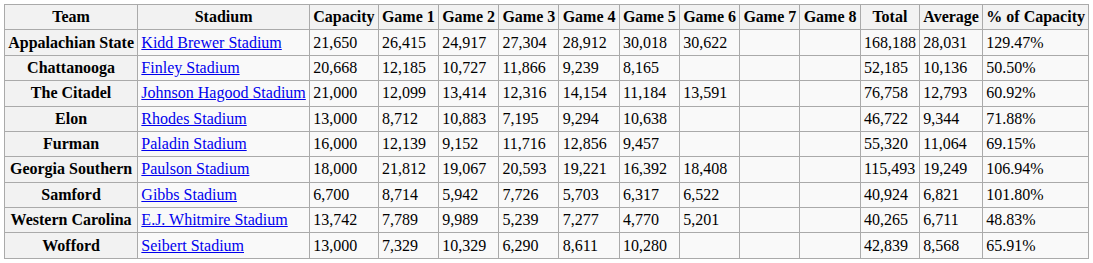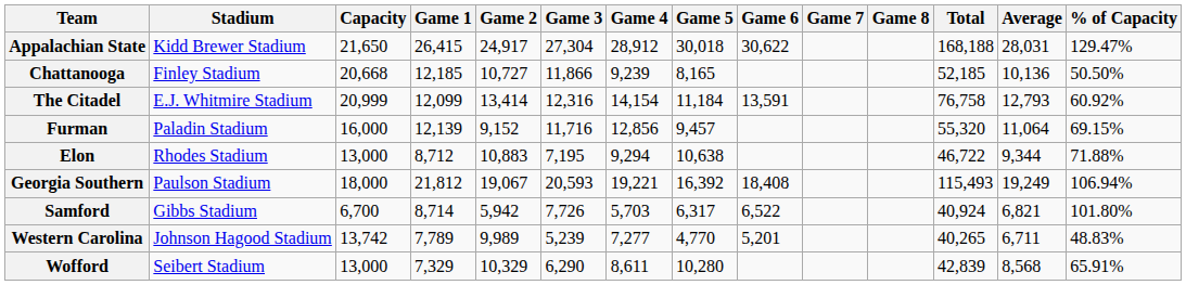 <table class="wikitable sortable">
 <tr>
 <th>Team</th>
 <th>Stadium</th>
 <th>Capacity</th>
 <th>Game 1</th>
 <th>Game 2</th>
 <th>Game 3</th>
 <th>Game 4</th>
 <th>Game 5</th>
 <th>Game 6</th>
 <th>Game 7</th>
 <th>Game 8</th>
 <th>Total</th>
 <th>Average</th>
 <th>% of Capacity</th>
 </tr>
 <tr>
 <th>Appalachian State</th>
 <td><a href='#'>Kidd Brewer Stadium</a></td>
 <td>21,650</td>
 <td>26,415</td>
 <td>24,917</td>
 <td>27,304</td>
 <td>28,912</td>
 <td>30,018</td>
 <td>30,622</td>
 <td align=center></td>
 <td align=center></td>
 <td>168,188</td>
 <td>28,031</td>
 <td>129.47%</td>
 </tr>
 <tr>
 <th>Chattanooga</th>
 <td><a href='#'>Finley Stadium</a></td>
 <td>20,668</td>
 <td>12,185</td>
 <td>10,727</td>
 <td>11,866</td>
 <td>9,239</td>
 <td>8,165</td>
 <td align=center></td>
 <td align=center></td>
 <td align=center></td>
 <td>52,185</td>
 <td>10,136</td>
 <td>50.50%</td>
 </tr>
 <tr>
 <th>The Citadel</th>
-<td><a href='#'>Johnson Hagood Stadium</a></td>
-<td>21,000</td>
+<td><a href='#'>E.J. Whitmire Stadium</a></td>
+<td>20,999</td>
 <td>12,099</td>
 <td>13,414</td>
 <td>12,316</td>
 <td>14,154</td>
 <td>11,184</td>
 <td>13,591</td>
 <td align=center></td>
 <td align=center></td>
 <td>76,758</td>
 <td>12,793</td>
 <td>60.92%</td>
+</tr>
+<tr>
+<th>Furman</th>
+<td><a href='#'>Paladin Stadium</a></td>
+<td>16,000</td>
+<td>12,139</td>
+<td>9,152</td>
+<td>11,716</td>
+<td>12,856</td>
+<td>9,457</td>
+<td align=center></td>
+<td align=center></td>
+<td align=center></td>
+<td>55,320</td>
+<td>11,064</td>
+<td>69.15%</td>
 </tr>
 <tr>
 <th>Elon</th>
 <td><a href='#'>Rhodes Stadium</a></td>
 <td>13,000</td>
 <td>8,712</td>
 <td>10,883</td>
 <td>7,195</td>
 <td>9,294</td>
 <td>10,638</td>
 <td align=center></td>
 <td align=center></td>
 <td align=center></td>
 <td>46,722</td>
 <td>9,344</td>
 <td>71.88%</td>
-</tr>
-<tr>
-<th>Furman</th>
-<td><a href='#'>Paladin Stadium</a></td>
-<td>16,000</td>
-<td>12,139</td>
-<td>9,152</td>
-<td>11,716</td>
-<td>12,856</td>
-<td>9,457</td>
-<td align=center></td>
-<td align=center></td>
-<td align=center></td>
-<td>55,320</td>
-<td>11,064</td>
-<td>69.15%</td>
 </tr>
 <tr>
 <th>Georgia Southern</th>
 <td><a href='#'>Paulson Stadium</a></td>
 <td>18,000</td>
 <td>21,812</td>
 <td>19,067</td>
 <td>20,593</td>
 <td>19,221</td>
 <td>16,392</td>
 <td>18,408</td>
 <td align=center></td>
 <td align=center></td>
 <td>115,493</td>
 <td>19,249</td>
 <td>106.94%</td>
 </tr>
 <tr>
 <th>Samford</th>
 <td><a href='#'>Gibbs Stadium</a></td>
 <td>6,700</td>
 <td>8,714</td>
 <td>5,942</td>
 <td>7,726</td>
 <td>5,703</td>
 <td>6,317</td>
 <td>6,522</td>
 <td align=center></td>
 <td align=center></td>
 <td>40,924</td>
 <td>6,821</td>
 <td>101.80%</td>
 </tr>
 <tr>
 <th>Western Carolina</th>
-<td><a href='#'>E.J. Whitmire Stadium</a></td>
+<td><a href='#'>Johnson Hagood Stadium</a></td>
 <td>13,742</td>
 <td>7,789</td>
 <td>9,989</td>
 <td>5,239</td>
 <td>7,277</td>
 <td>4,770</td>
 <td>5,201</td>
 <td align=center></td>
 <td align=center></td>
 <td>40,265</td>
 <td>6,711</td>
 <td>48.83%</td>
 </tr>
 <tr>
 <th>Wofford</th>
 <td><a href='#'>Seibert Stadium</a></td>
 <td>13,000</td>
 <td>7,329</td>
 <td>10,329</td>
 <td>6,290</td>
 <td>8,611</td>
 <td>10,280</td>
 <td align=center></td>
 <td align=center></td>
 <td align=center></td>
 <td>42,839</td>
 <td>8,568</td>
 <td>65.91%</td>
 </tr>
 <tr>
 </tr>
 </table>
